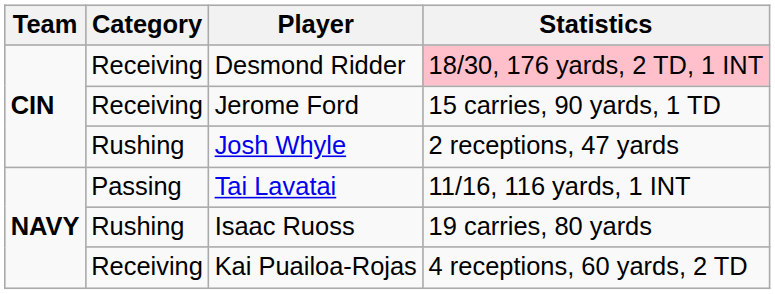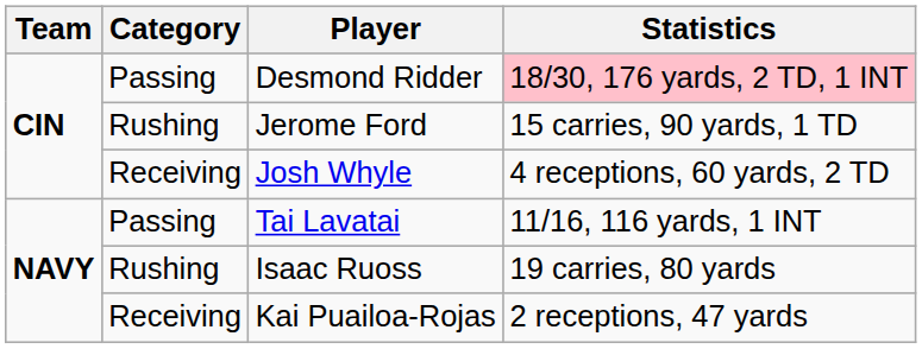 <table class="wikitable" style="float: left;">
 <tr>
 <th>Team</th>
 <th>Category</th>
 <th>Player</th>
 <th>Statistics</th>
 </tr>
 <tr>
 <td rowspan=3><strong>CIN</strong></td>
-<td>Receiving</td>
+<td>Passing</td>
 <td>Desmond Ridder</td>
 <td style="background: pink;">18/30, 176 yards, 2 TD, 1 INT</td>
 </tr>
 <tr>
-<td>Receiving</td>
+<td>Rushing</td>
 <td>Jerome Ford</td>
 <td>15 carries, 90 yards, 1 TD</td>
 </tr>
 <tr>
-<td>Rushing</td>
+<td>Receiving</td>
 <td><a href='#'>Josh Whyle</a></td>
-<td>2 receptions, 47 yards</td>
+<td>4 receptions, 60 yards, 2 TD</td>
 </tr>
 <tr>
 <td rowspan=3><strong>NAVY</strong></td>
 <td>Passing</td>
 <td><a href='#'>Tai Lavatai</a></td>
 <td>11/16, 116 yards, 1 INT</td>
 </tr>
 <tr>
 <td>Rushing</td>
 <td>Isaac Ruoss</td>
 <td>19 carries, 80 yards</td>
 </tr>
 <tr>
 <td>Receiving</td>
 <td>Kai Puailoa-Rojas</td>
-<td>4 receptions, 60 yards, 2 TD</td>
+<td>2 receptions, 47 yards</td>
 </tr>
 </table>
